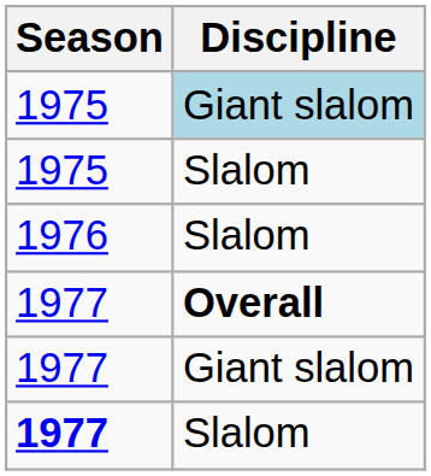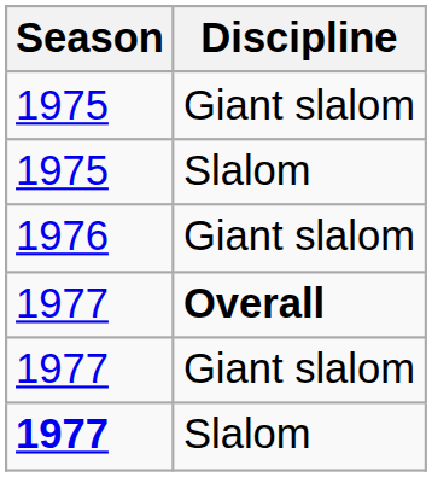 <table class="wikitable">
 <tr>
 <th>Season</th>
 <th>Discipline</th>
 </tr>
 <tr>
 <td><a href='#'>1975</a></td>
-<td style="background: lightblue;">Giant slalom</td>
+<td>Giant slalom</td>
 </tr>
 <tr>
 <td><a href='#'>1975</a></td>
 <td>Slalom</td>
 </tr>
 <tr>
 <td><a href='#'>1976</a></td>
-<td>Slalom</td>
+<td>Giant slalom</td>
 </tr>
 <tr>
 <td><a href='#'>1977</a></td>
 <td><strong>Overall</strong></td>
 </tr>
 <tr>
 <td><a href='#'>1977</a></td>
 <td>Giant slalom</td>
 </tr>
 <tr>
 <td><strong><a href='#'>1977</a></strong></td>
 <td>Slalom</td>
 </tr>
 </table>
